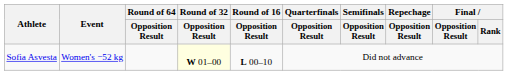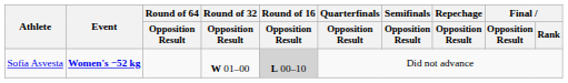 <table class="wikitable" style="font-size:90%">
 <tr>
 <th rowspan="2">Athlete</th>
 <th rowspan="2">Event</th>
 <th>Round of 64</th>
 <th>Round of 32</th>
 <th>Round of 16</th>
 <th>Quarterfinals</th>
 <th>Semifinals</th>
 <th>Repechage</th>
 <th colspan=2>Final / </th>
 </tr>
 <tr style="font-size:95%">
 <th>Opposition<br>Result</th>
 <th>Opposition<br>Result</th>
 <th>Opposition<br>Result</th>
 <th>Opposition<br>Result</th>
 <th>Opposition<br>Result</th>
 <th>Opposition<br>Result</th>
 <th>Opposition<br>Result</th>
 <th>Rank</th>
 </tr>
 <tr align=center>
 <td align=left><a href='#'>Sofia Asvesta</a></td>
-<td align=left><a href='#'>Women's −52 kg</a></td>
+<td align=left><strong><a href='#'>Women's −52 kg</a></strong></td>
 <td></td>
-<td style="background: lightyellow;"><br><strong>W</strong> 01–00</td>
-<td><br><strong>L</strong> 00–10</td>
+<td><br><strong>W</strong> 01–00</td>
+<td style="background: lightgrey;"><br><strong>L</strong> 00–10</td>
 <td colspan="5">Did not advance</td>
 </tr>
 </table>
